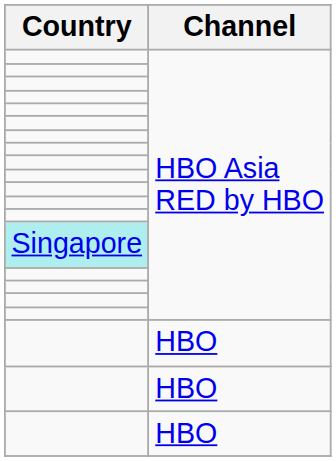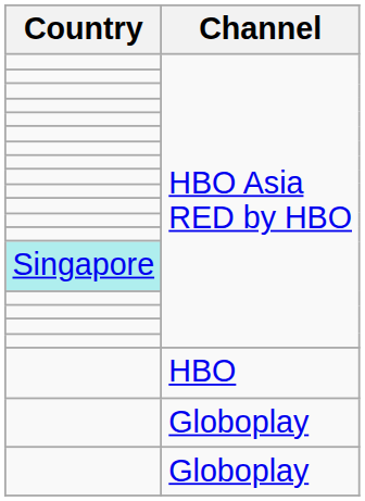 <table class=wikitable>
 <tr>
 <th>Country</th>
 <th>Channel</th>
 </tr>
 <tr>
 <td></td>
 <td rowspan="18"><a href='#'>HBO Asia</a><br><a href='#'>RED by HBO</a></td>
 </tr>
 <tr>
 <td></td>
 </tr>
 <tr>
 <td></td>
 </tr>
 <tr>
 <td></td>
 </tr>
 <tr>
 <td></td>
 </tr>
 <tr>
 <td></td>
 </tr>
 <tr>
 <td></td>
 </tr>
 <tr>
 <td></td>
 </tr>
 <tr>
 <td></td>
 </tr>
 <tr>
 <td></td>
 </tr>
 <tr>
 <td></td>
 </tr>
 <tr>
 <td></td>
 </tr>
 <tr>
 <td></td>
 </tr>
 <tr>
 <td style="background: paleturquoise;"> <a href='#'>Singapore</a></td>
 </tr>
 <tr>
 <td></td>
 </tr>
 <tr>
 <td></td>
 </tr>
 <tr>
 <td></td>
 </tr>
 <tr>
 <td></td>
 </tr>
 <tr>
 <td></td>
 <td><a href='#'>HBO</a></td>
 </tr>
 <tr>
 <td></td>
-<td><a href='#'>HBO</a></td>
+<td><a href='#'>Globoplay</a></td>
 </tr>
 <tr>
 <td></td>
-<td><a href='#'>HBO</a></td>
+<td><a href='#'>Globoplay</a></td>
 </tr>
 </table>
